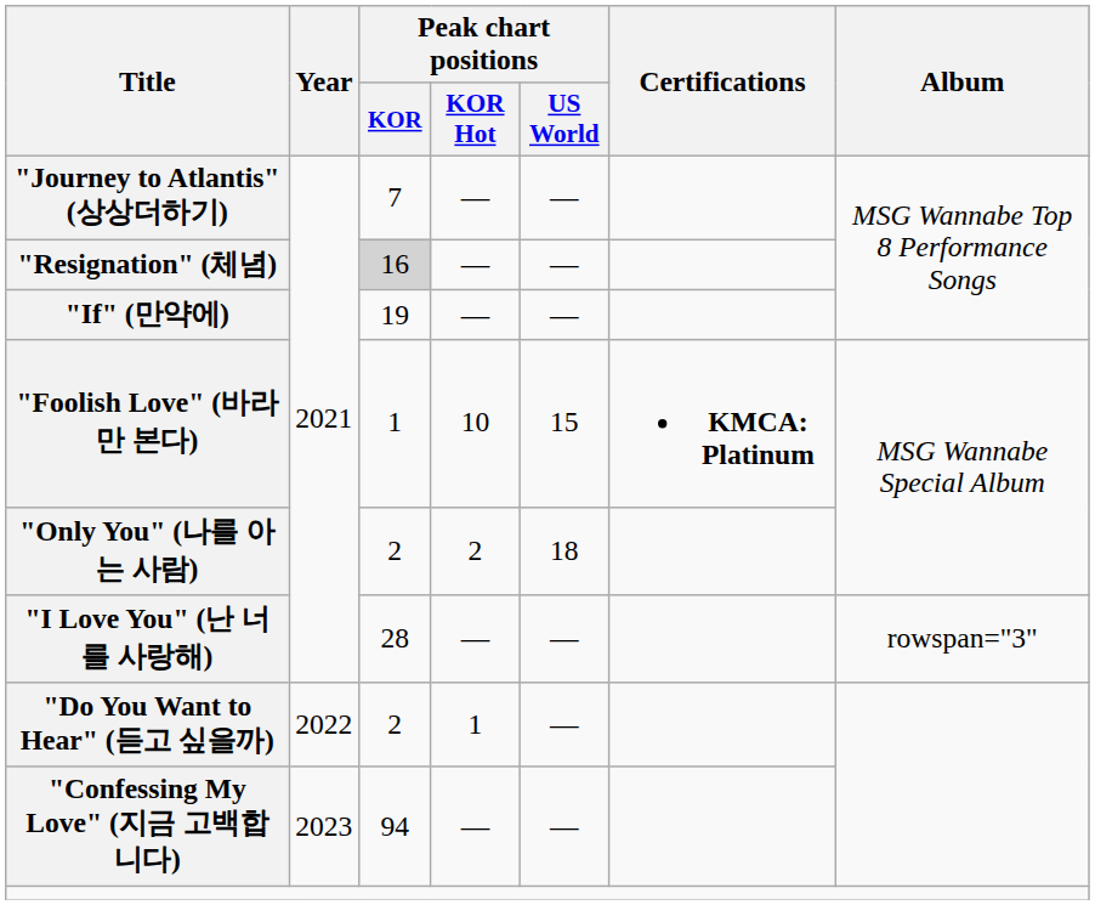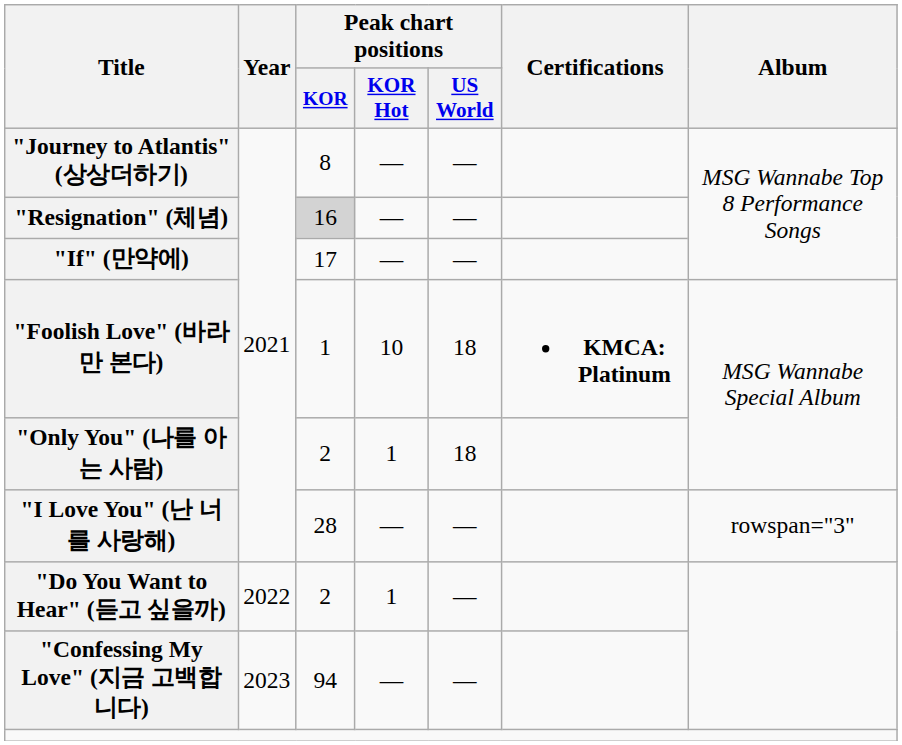 <table class="wikitable plainrowheaders" style="text-align:center;">
 <tr>
 <th scope="col" rowspan="2">Title</th>
 <th scope="col" rowspan="2">Year</th>
 <th scope="col" colspan="3">Peak chart positions</th>
 <th scope="col" rowspan="2">Certifications</th>
 <th scope="col" rowspan="2">Album</th>
 </tr>
 <tr>
 <th><small><a href='#'>KOR</a></small><br></th>
 <th scope="col" style="width:3em;font-size:90%;"><a href='#'>KOR<br>Hot</a><br></th>
 <th scope="col" style="width:3em;font-size:90%;"><a href='#'>US World</a><br></th>
 </tr>
 <tr>
 <th scope="row">"Journey to Atlantis" (상상더하기) </th>
 <td rowspan="6">2021</td>
-<td>7</td>
+<td>8</td>
 <td>—</td>
 <td>—</td>
 <td></td>
 <td rowspan="3"><em>MSG Wannabe Top 8 Performance Songs</em></td>
 </tr>
 <tr>
 <th scope="row">"Resignation" (체념) </th>
 <td style="background: lightgrey;">16</td>
 <td>—</td>
 <td>—</td>
 <td></td>
 </tr>
 <tr>
 <th scope="row">"If" (만약에) </th>
-<td>19</td>
+<td>17</td>
 <td>—</td>
 <td>—</td>
 <td></td>
 </tr>
 <tr>
 <th scope="row">"Foolish Love" (바라만 본다) </th>
 <td>1</td>
 <td>10</td>
-<td>15</td>
+<td>18</td>
 <td><strong><br><ul><li>KMCA: Platinum</li></ul></strong></td>
 <td rowspan="2"><em>MSG Wannabe Special Album</em></td>
 </tr>
 <tr>
 <th scope="row">"Only You" (나를 아는 사람) </th>
 <td>2</td>
-<td>2</td>
+<td>1</td>
 <td>18</td>
 <td></td>
 </tr>
 <tr>
 <th scope="row">"I Love You" (난 너를 사랑해)</th>
 <td>28</td>
 <td>—</td>
 <td>—</td>
 <td></td>
 <td>rowspan="3" </td>
 </tr>
 <tr>
 <th scope="row">"Do You Want to Hear" (듣고 싶을까) </th>
 <td>2022</td>
 <td>2</td>
 <td>1</td>
 <td>—</td>
 <td></td>
 </tr>
 <tr>
 <th scope="row">"Confessing My Love" (지금 고백합니다) </th>
 <td>2023</td>
 <td>94</td>
 <td>—</td>
 <td>—</td>
 <td></td>
 </tr>
 <tr>
 <td colspan="7"></td>
 </tr>
 </table>
